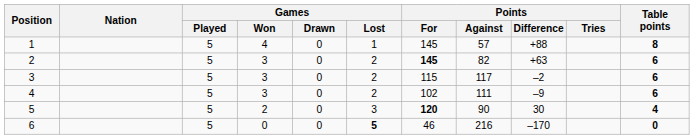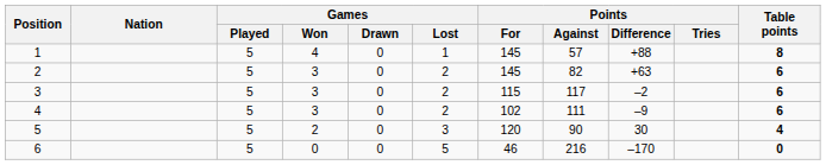 <table class="wikitable" style="text-align:center">
 <tr>
 <th rowspan="2" style="width:8%;">Position</th>
 <th rowspan="2" style="width:18%;">Nation</th>
 <th colspan="4" style="width:32%;">Games</th>
 <th colspan="4" style="width:32%;">Points</th>
 <th rowspan="2" style="width:10%;">Table<br>points</th>
 </tr>
 <tr>
 <th style="width:8%;">Played</th>
 <th style="width:8%;">Won</th>
 <th style="width:8%;">Drawn</th>
 <th style="width:8%;">Lost</th>
 <th style="width:8%;">For</th>
 <th style="width:8%;">Against</th>
 <th style="width:8%;">Difference</th>
 <th style="width:8%;">Tries</th>
 </tr>
 <tr>
 <td>1</td>
 <td align="left"></td>
 <td>5</td>
 <td>4</td>
 <td>0</td>
 <td>1</td>
 <td>145</td>
 <td>57</td>
 <td>+88</td>
 <td></td>
 <td><strong>8</strong></td>
 </tr>
 <tr>
 <td>2</td>
 <td align="left"></td>
 <td>5</td>
 <td>3</td>
 <td>0</td>
 <td>2</td>
-<td><strong>145</strong></td>
+<td>145</td>
 <td>82</td>
 <td>+63</td>
 <td></td>
 <td><strong>6</strong></td>
 </tr>
 <tr>
 <td>3</td>
 <td align="left"></td>
 <td>5</td>
 <td>3</td>
 <td>0</td>
 <td>2</td>
 <td>115</td>
 <td>117</td>
 <td>–2</td>
 <td></td>
 <td><strong>6</strong></td>
 </tr>
 <tr>
 <td>4</td>
 <td align="left"></td>
 <td>5</td>
 <td>3</td>
 <td>0</td>
 <td>2</td>
 <td>102</td>
 <td>111</td>
 <td>–9</td>
 <td></td>
 <td><strong>6</strong></td>
 </tr>
 <tr>
 <td>5</td>
 <td align="left"></td>
 <td>5</td>
 <td>2</td>
 <td>0</td>
 <td>3</td>
-<td><strong>120</strong></td>
+<td>120</td>
 <td>90</td>
 <td>30</td>
 <td></td>
 <td><strong>4</strong></td>
 </tr>
 <tr>
 <td>6</td>
 <td align="left"></td>
 <td>5</td>
 <td>0</td>
 <td>0</td>
-<td><strong>5</strong></td>
+<td>5</td>
 <td>46</td>
 <td>216</td>
 <td>–170</td>
 <td></td>
 <td><strong>0</strong></td>
 </tr>
 </table>
